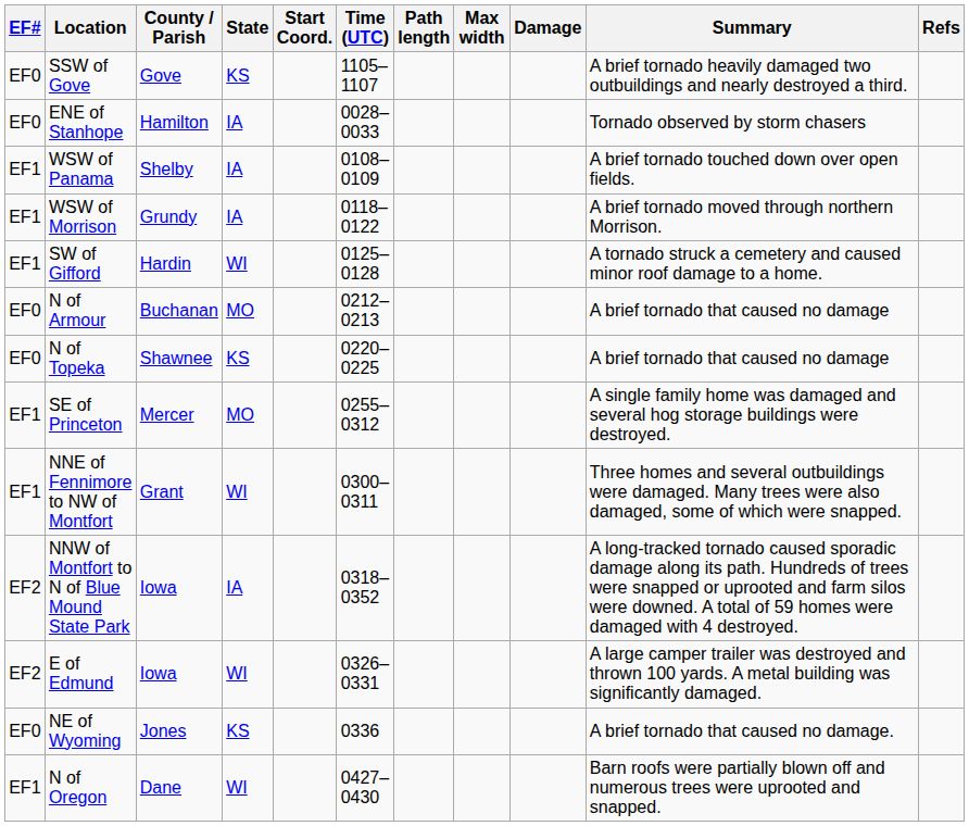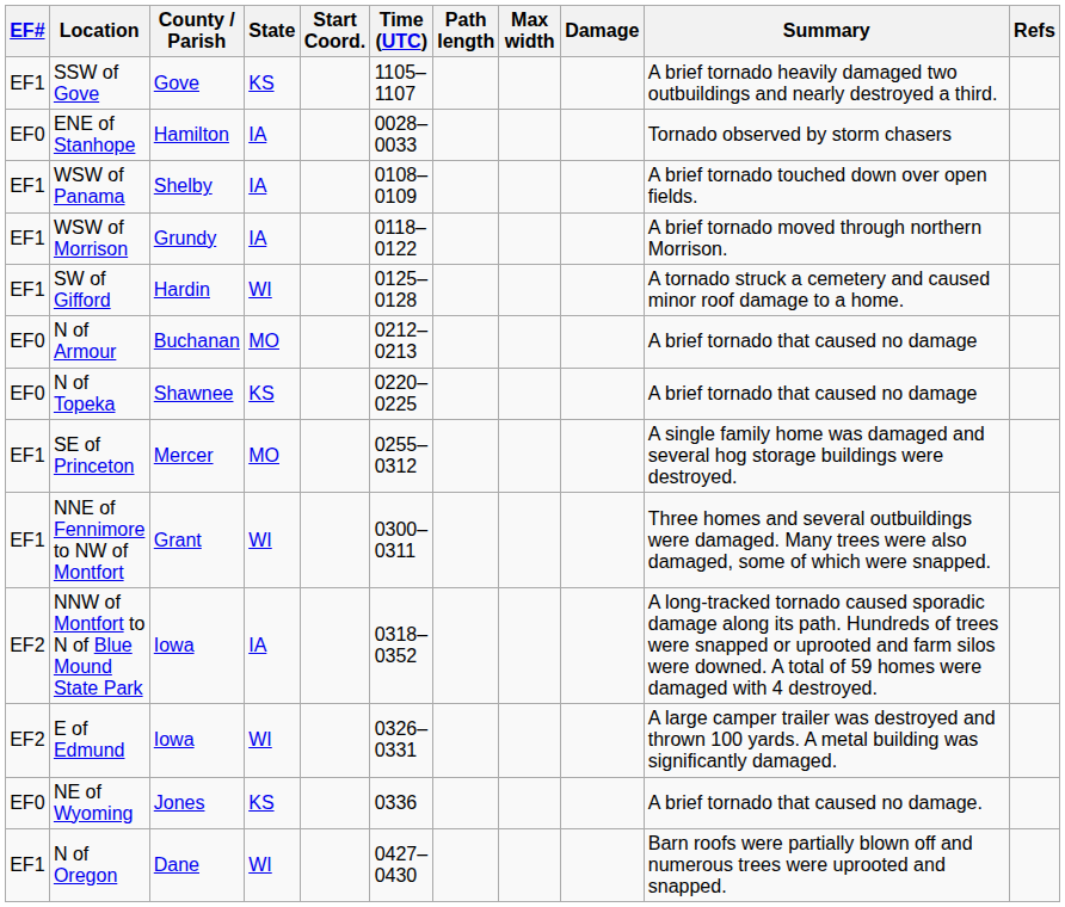 <table class="wikitable sortable" style="width:100%;">
 <tr>
 <th scope="col" width="3%" align="center"><a href='#'>EF#</a></th>
 <th scope="col" width="7%" align="center" class="unsortable">Location</th>
 <th scope="col" width="6%" align="center" class="unsortable">County / Parish</th>
 <th scope="col" width="5%" align="center">State</th>
 <th scope="col" width="6%" align="center">Start Coord.</th>
 <th scope="col" width="6%" align="center">Time (<a href='#'>UTC</a>)</th>
 <th scope="col" width="6%" align="center">Path length</th>
 <th scope="col" width="6%" align="center">Max width</th>
 <th scope="col" width="6%" align="center">Damage</th>
 <th scope="col" width="48%" class="unsortable" align="center">Summary</th>
 <th scope="col" width="48%" class="unsortable" align="center">Refs</th>
 </tr>
 <tr>
-<td>EF0</td>
+<td>EF1</td>
 <td>SSW of <a href='#'>Gove</a></td>
 <td><a href='#'>Gove</a></td>
 <td><a href='#'>KS</a></td>
 <td></td>
 <td>1105–1107</td>
 <td></td>
 <td></td>
 <td></td>
 <td>A brief tornado heavily damaged two outbuildings and nearly destroyed a third.</td>
 <td></td>
 </tr>
 <tr>
 <td>EF0</td>
 <td>ENE of <a href='#'>Stanhope</a></td>
 <td><a href='#'>Hamilton</a></td>
 <td><a href='#'>IA</a></td>
 <td></td>
 <td>0028–0033</td>
 <td></td>
 <td></td>
 <td></td>
 <td>Tornado observed by storm chasers</td>
 <td></td>
 </tr>
 <tr>
 <td>EF1</td>
 <td>WSW of <a href='#'>Panama</a></td>
 <td><a href='#'>Shelby</a></td>
 <td><a href='#'>IA</a></td>
 <td></td>
 <td>0108–0109</td>
 <td></td>
 <td></td>
 <td></td>
 <td>A brief tornado touched down over open fields.</td>
 <td></td>
 </tr>
 <tr>
 <td>EF1</td>
 <td>WSW of <a href='#'>Morrison</a></td>
 <td><a href='#'>Grundy</a></td>
 <td><a href='#'>IA</a></td>
 <td></td>
 <td>0118–0122</td>
 <td></td>
 <td></td>
 <td></td>
 <td>A brief tornado moved through northern Morrison.</td>
 <td></td>
 </tr>
 <tr>
 <td>EF1</td>
 <td>SW of <a href='#'>Gifford</a></td>
 <td><a href='#'>Hardin</a></td>
 <td><a href='#'>WI</a></td>
 <td></td>
 <td>0125–0128</td>
 <td></td>
 <td></td>
 <td></td>
 <td>A tornado struck a cemetery and caused minor roof damage to a home.</td>
 <td></td>
 </tr>
 <tr>
 <td>EF0</td>
 <td>N of <a href='#'>Armour</a></td>
 <td><a href='#'>Buchanan</a></td>
 <td><a href='#'>MO</a></td>
 <td></td>
 <td>0212–0213</td>
 <td></td>
 <td></td>
 <td></td>
 <td>A brief tornado that caused no damage</td>
 <td></td>
 </tr>
 <tr>
 <td>EF0</td>
 <td>N of <a href='#'>Topeka</a></td>
 <td><a href='#'>Shawnee</a></td>
 <td><a href='#'>KS</a></td>
 <td></td>
 <td>0220–0225</td>
 <td></td>
 <td></td>
 <td></td>
 <td>A brief tornado that caused no damage</td>
 <td></td>
 </tr>
 <tr>
 <td>EF1</td>
 <td>SE of <a href='#'>Princeton</a></td>
 <td><a href='#'>Mercer</a></td>
 <td><a href='#'>MO</a></td>
 <td></td>
 <td>0255–0312</td>
 <td></td>
 <td></td>
 <td></td>
 <td>A single family home was damaged and several hog storage buildings were destroyed.</td>
 <td></td>
 </tr>
 <tr>
 <td>EF1</td>
 <td>NNE of <a href='#'>Fennimore</a> to NW of <a href='#'>Montfort</a></td>
 <td><a href='#'>Grant</a></td>
 <td><a href='#'>WI</a></td>
 <td></td>
 <td>0300–0311</td>
 <td></td>
 <td></td>
 <td></td>
 <td>Three homes and several outbuildings were damaged. Many trees were also damaged, some of which were snapped.</td>
 <td></td>
 </tr>
 <tr>
 <td>EF2</td>
 <td>NNW of <a href='#'>Montfort</a> to N of <a href='#'>Blue Mound State Park</a></td>
 <td><a href='#'>Iowa</a></td>
 <td><a href='#'>IA</a></td>
 <td></td>
 <td>0318–0352</td>
 <td></td>
 <td></td>
 <td></td>
 <td>A long-tracked tornado caused sporadic damage along its path. Hundreds of trees were snapped or uprooted and farm silos were downed. A total of 59 homes were damaged with 4 destroyed.</td>
 <td></td>
 </tr>
 <tr>
 <td>EF2</td>
 <td>E of <a href='#'>Edmund</a></td>
 <td><a href='#'>Iowa</a></td>
 <td><a href='#'>WI</a></td>
 <td></td>
 <td>0326–0331</td>
 <td></td>
 <td></td>
 <td></td>
 <td>A large camper trailer was destroyed and thrown 100 yards. A metal building was significantly damaged.</td>
 <td></td>
 </tr>
 <tr>
 <td>EF0</td>
 <td>NE of <a href='#'>Wyoming</a></td>
 <td><a href='#'>Jones</a></td>
 <td><a href='#'>KS</a></td>
 <td></td>
 <td>0336</td>
 <td></td>
 <td></td>
 <td></td>
 <td>A brief tornado that caused no damage.</td>
 <td></td>
 </tr>
 <tr>
 <td>EF1</td>
 <td>N of <a href='#'>Oregon</a></td>
 <td><a href='#'>Dane</a></td>
 <td><a href='#'>WI</a></td>
 <td></td>
 <td>0427–0430</td>
 <td></td>
 <td></td>
 <td></td>
 <td>Barn roofs were partially blown off and numerous trees were uprooted and snapped.</td>
 <td></td>
 </tr>
 <tr>
 </tr>
 </table>
